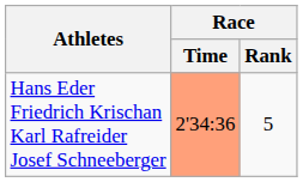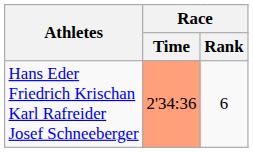 <table class="wikitable" border="1" style="font-size:90%">
 <tr>
 <th rowspan=2>Athletes</th>
 <th colspan=2>Race</th>
 </tr>
 <tr>
 <th>Time</th>
 <th>Rank</th>
 </tr>
 <tr>
 <td><a href='#'>Hans Eder</a><br><a href='#'>Friedrich Krischan</a><br><a href='#'>Karl Rafreider</a><br><a href='#'>Josef Schneeberger</a></td>
 <td align=center style="background: lightsalmon;">2'34:36</td>
-<td align=center>5</td>
+<td align=center>6</td>
 </tr>
 </table>
